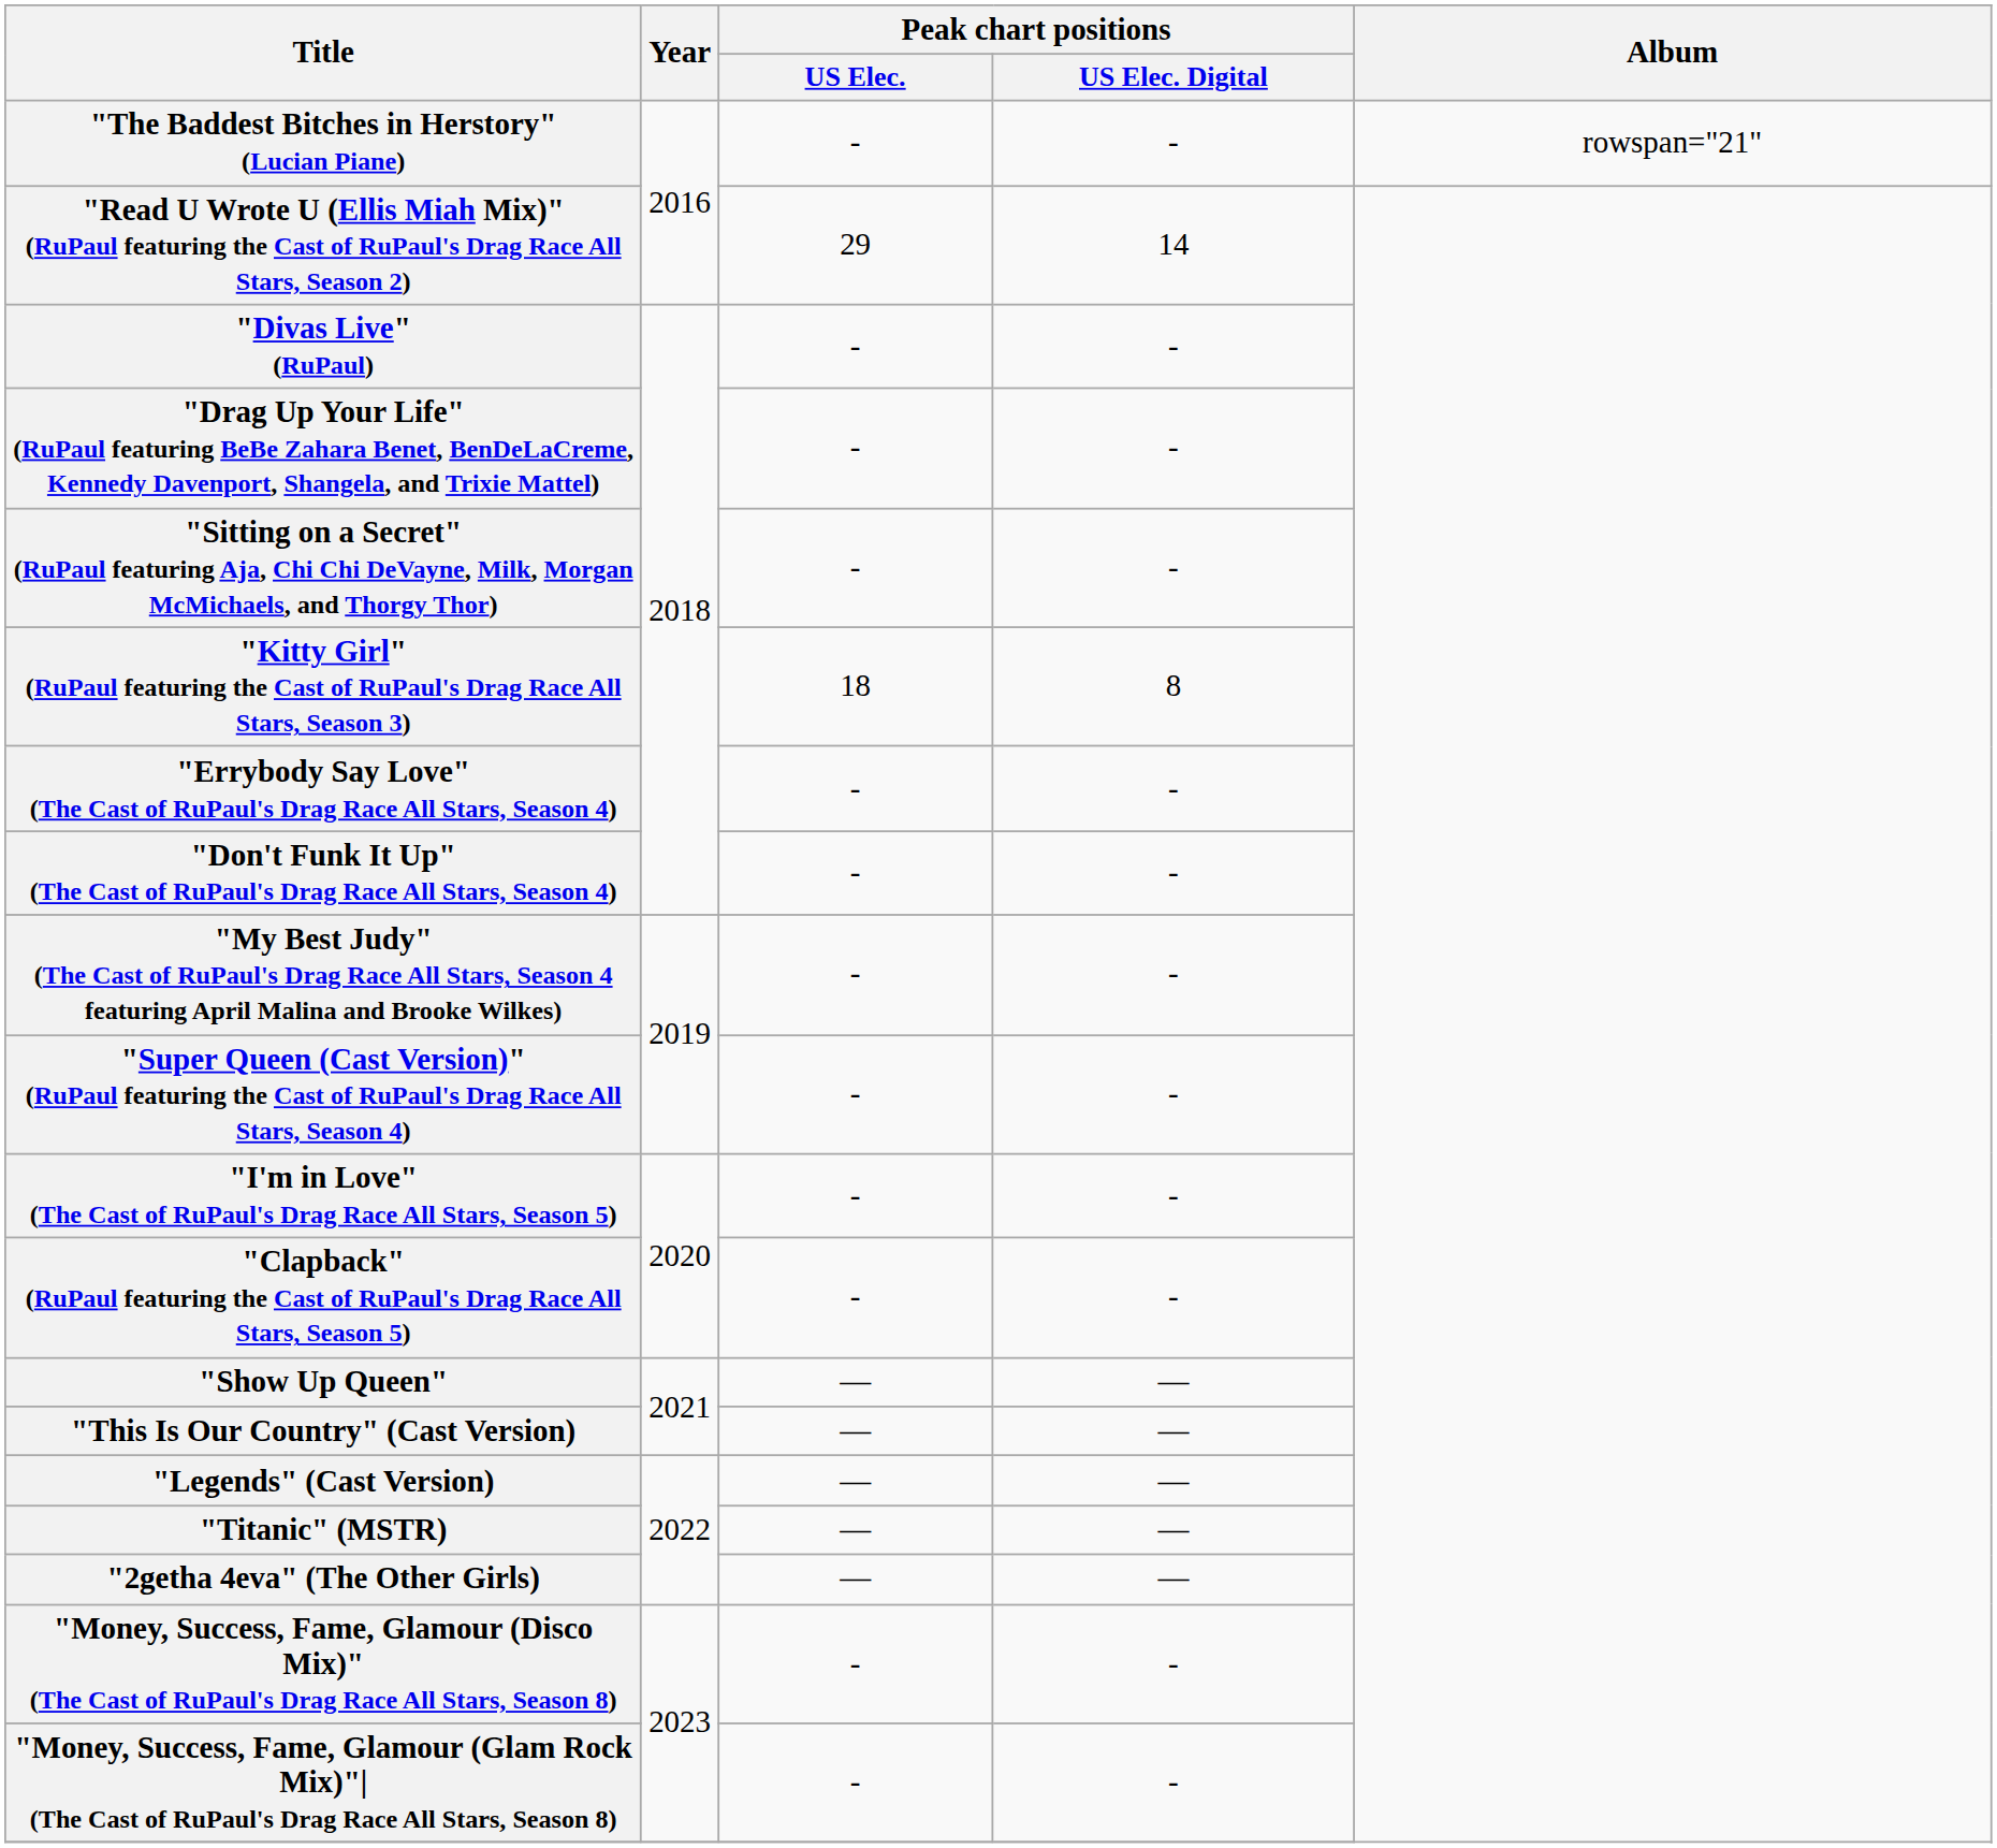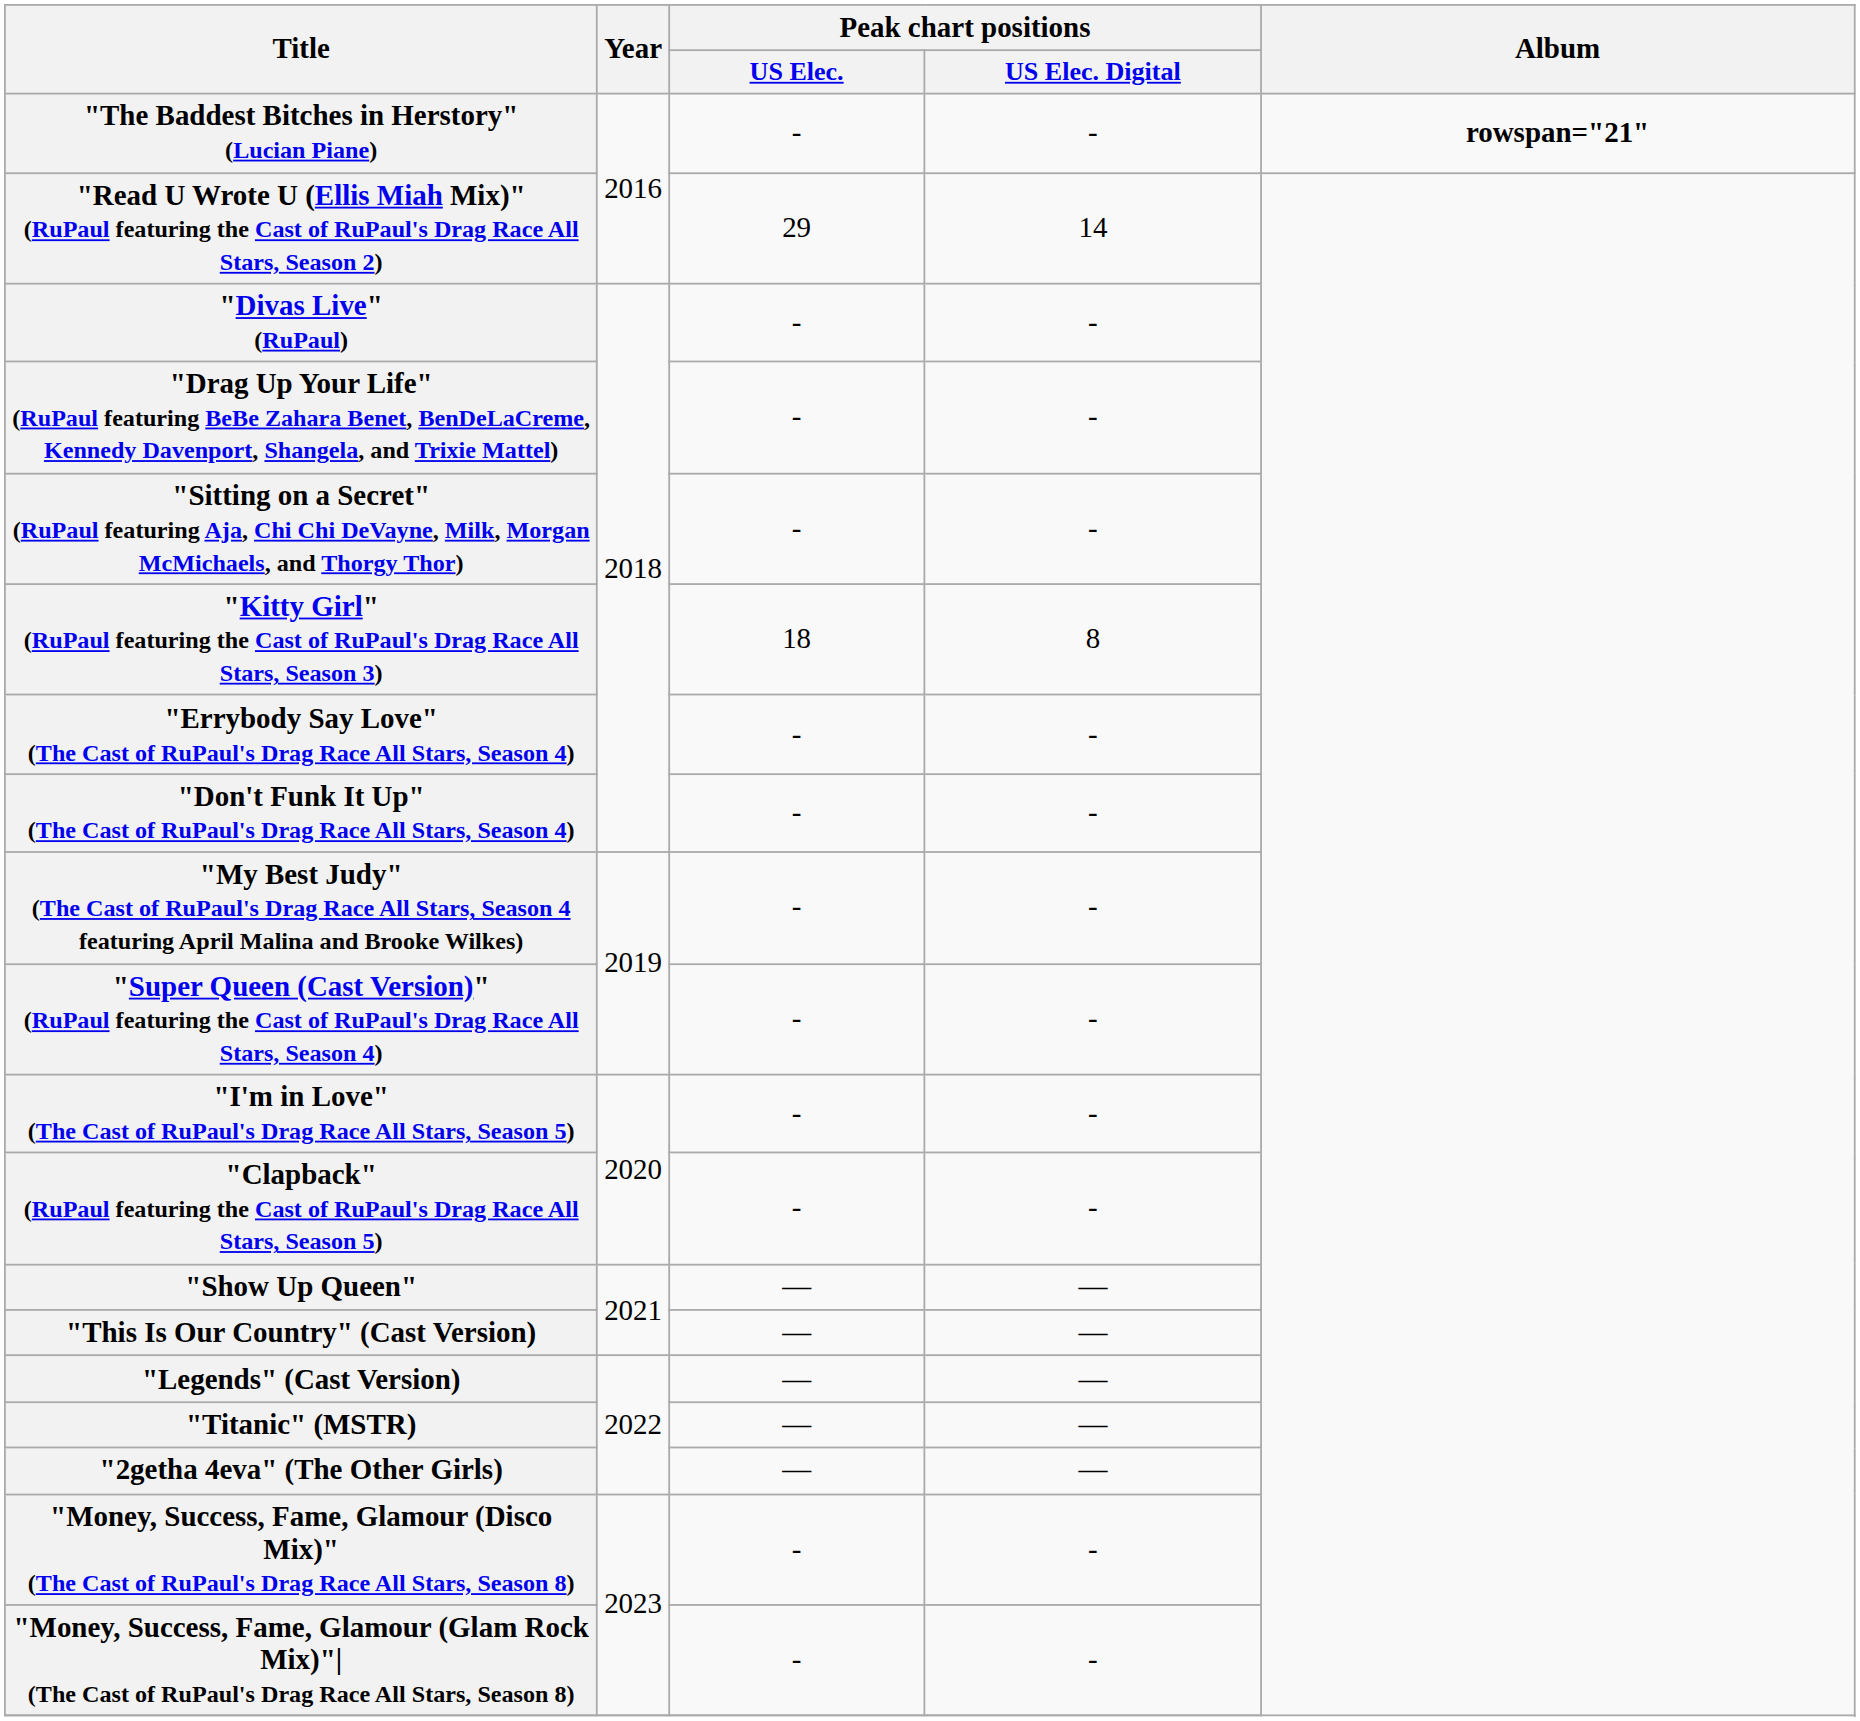 <table class="wikitable plainrowheaders" style="text-align:center;">
 <tr>
 <th rowspan="2" style="width:20em;">Title</th>
 <th rowspan="2" style="width:1em;">Year</th>
 <th colspan="2" style="width:20em;">Peak chart positions</th>
 <th rowspan="2" style="width:20em;">Album</th>
 </tr>
 <tr>
 <th scope="col" style="width:2em;font-size:90%;"><a href='#'>US Elec.</a></th>
 <th scope="col" style="width:2em;font-size:90%;"><a href='#'>US Elec. Digital</a></th>
 </tr>
 <tr>
 <th scope="row">"The Baddest Bitches in Herstory"<br><small>(<a href='#'>Lucian Piane</a>)</small></th>
 <td rowspan="2">2016</td>
 <td>-</td>
 <td>-</td>
-<td>rowspan="21" </td>
+<td><strong>rowspan="21" </strong></td>
 </tr>
 <tr>
 <th scope="row">"Read U Wrote U (<a href='#'>Ellis Miah</a> Mix)"<br><small>(<a href='#'>RuPaul</a> featuring the <a href='#'>Cast of RuPaul's Drag Race All Stars, Season 2</a>)</small></th>
 <td>29</td>
 <td>14</td>
 </tr>
 <tr>
 <th scope="row">"<a href='#'>Divas Live</a>"<br><small>(<a href='#'>RuPaul</a>)</small></th>
 <td rowspan="6">2018</td>
 <td>-</td>
 <td>-</td>
 </tr>
 <tr>
 <th scope="row">"Drag Up Your Life" <br><small>(<a href='#'>RuPaul</a> featuring <a href='#'>BeBe Zahara Benet</a>, <a href='#'>BenDeLaCreme</a>, <a href='#'>Kennedy Davenport</a>, <a href='#'>Shangela</a>, and <a href='#'>Trixie Mattel</a>)</small></th>
 <td>-</td>
 <td>-</td>
 </tr>
 <tr>
 <th scope="row">"Sitting on a Secret" <br><small>(<a href='#'>RuPaul</a> featuring <a href='#'>Aja</a>, <a href='#'>Chi Chi DeVayne</a>, <a href='#'>Milk</a>, <a href='#'>Morgan McMichaels</a>, and <a href='#'>Thorgy Thor</a>)</small></th>
 <td>-</td>
 <td>-</td>
 </tr>
 <tr>
 <th scope="row">"<a href='#'>Kitty Girl</a>"<br><small>(<a href='#'>RuPaul</a> featuring the <a href='#'>Cast of RuPaul's Drag Race All Stars, Season 3</a>)</small></th>
 <td>18</td>
 <td>8</td>
 </tr>
 <tr>
 <th scope="row">"Errybody Say Love"<br><small>(<a href='#'>The Cast of RuPaul's Drag Race All Stars, Season 4</a>)</small></th>
 <td>-</td>
 <td>-</td>
 </tr>
 <tr>
 <th scope="row">"Don't Funk It Up"<br><small>(<a href='#'>The Cast of RuPaul's Drag Race All Stars, Season 4</a>)</small></th>
 <td>-</td>
 <td>-</td>
 </tr>
 <tr>
 <th scope="row">"My Best Judy"<br><small>(<a href='#'>The Cast of RuPaul's Drag Race All Stars, Season 4</a> featuring April Malina and Brooke Wilkes)</small></th>
 <td rowspan="2">2019</td>
 <td>-</td>
 <td>-</td>
 </tr>
 <tr>
 <th scope="row">"<a href='#'>Super Queen (Cast Version)</a>"<br><small>(<a href='#'>RuPaul</a> featuring the <a href='#'>Cast of RuPaul's Drag Race All Stars, Season 4</a>)</small></th>
 <td>-</td>
 <td>-</td>
 </tr>
 <tr>
 <th scope="row">"I'm in Love"<br><small>(<a href='#'>The Cast of RuPaul's Drag Race All Stars, Season 5</a>)</small></th>
 <td rowspan="2">2020</td>
 <td>-</td>
 <td>-</td>
 </tr>
 <tr>
 <th scope="row">"Clapback"<br><small>(<a href='#'>RuPaul</a> featuring the <a href='#'>Cast of RuPaul's Drag Race All Stars, Season 5</a>)</small></th>
 <td>-</td>
 <td>-</td>
 </tr>
 <tr>
 <th scope="row">"Show Up Queen"<br></th>
 <td rowspan="2">2021</td>
 <td>—</td>
 <td>—</td>
 </tr>
 <tr>
 <th scope="row">"This Is Our Country" (Cast Version)<br></th>
 <td>—</td>
 <td>—</td>
 </tr>
 <tr>
 <th scope="row">"Legends" (Cast Version)<br></th>
 <td rowspan="3">2022</td>
 <td>—</td>
 <td>—</td>
 </tr>
 <tr>
 <th scope="row">"Titanic" (MSTR)<br></th>
 <td>—</td>
 <td>—</td>
 </tr>
 <tr>
 <th scope="row">"2getha 4eva" (The Other Girls)<br></th>
 <td>—</td>
 <td>—</td>
 </tr>
 <tr>
 <th scope="row">"Money, Success, Fame, Glamour (Disco Mix)"<br><small>(<a href='#'>The Cast of RuPaul's Drag Race All Stars, Season 8</a>)</small></th>
 <td rowspan="2">2023</td>
 <td>-</td>
 <td>-</td>
 </tr>
 <tr>
 <th scope="row">"Money, Success, Fame, Glamour (Glam Rock Mix)"|<br><small>(The Cast of RuPaul's Drag Race All Stars, Season 8)</small></th>
 <td>-</td>
 <td>-</td>
 </tr>
 <tr>
 </tr>
 </table>
